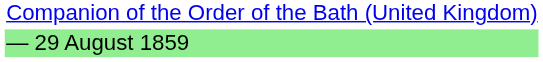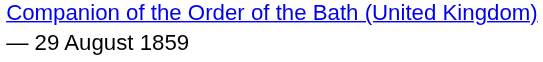 <table>
 <tr>
 <td rowspan=2 style="width:60px; vertical-align:top;"></td>
 <td><a href='#'>Companion of the Order of the Bath (United Kingdom)</a></td>
 </tr>
 <tr>
-<td style="background: lightgreen;">— 29 August 1859</td>
+<td>— 29 August 1859</td>
 </tr>
 </table>
